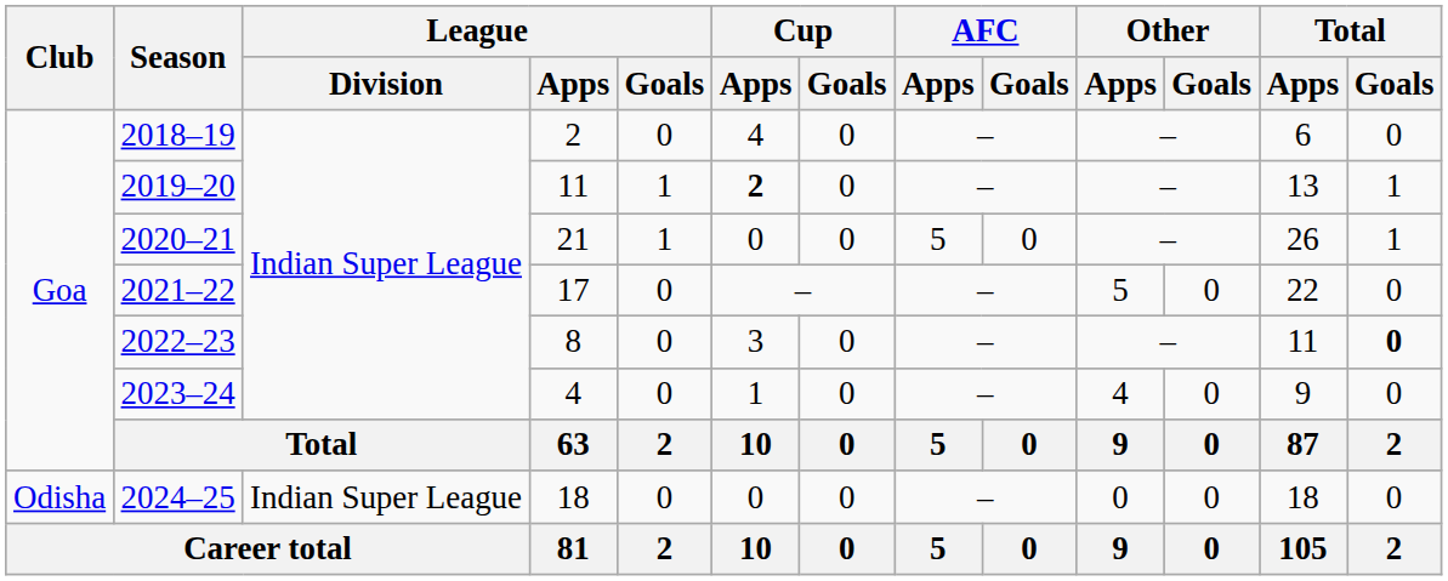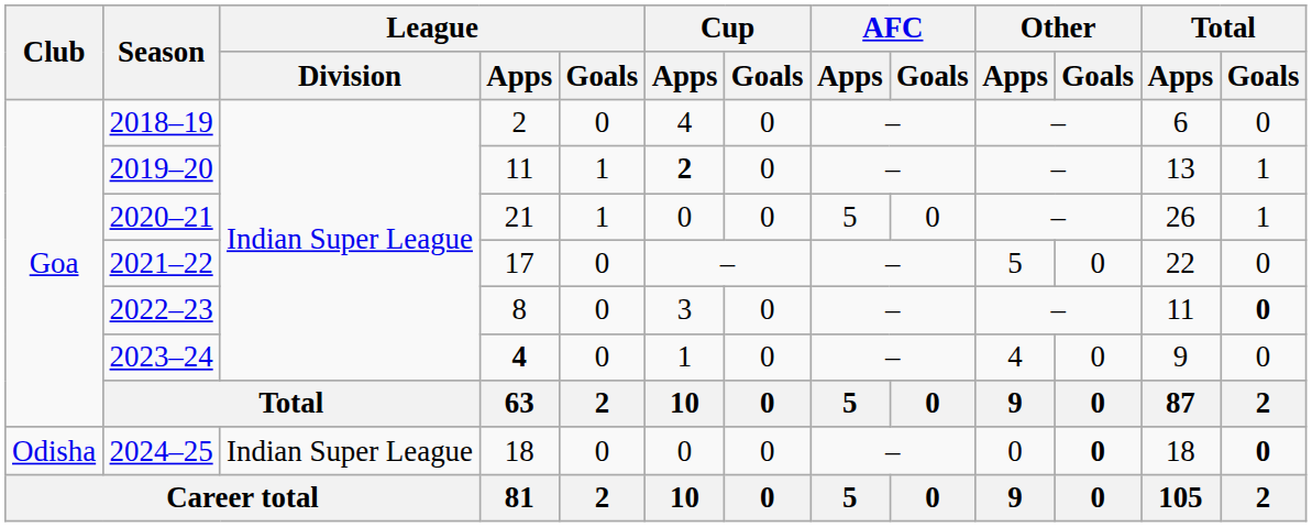 <table class=wikitable style=text-align:center>
 <tr>
 <th rowspan="2">Club</th>
 <th rowspan="2">Season</th>
 <th colspan="3">League</th>
 <th colspan="2">Cup</th>
 <th colspan="2"><a href='#'>AFC</a></th>
 <th colspan="2">Other</th>
 <th colspan="2">Total</th>
 </tr>
 <tr>
 <th>Division</th>
 <th>Apps</th>
 <th>Goals</th>
 <th>Apps</th>
 <th>Goals</th>
 <th>Apps</th>
 <th>Goals</th>
 <th>Apps</th>
 <th>Goals</th>
 <th>Apps</th>
 <th>Goals</th>
 </tr>
 <tr>
 <td rowspan="7"><a href='#'>Goa</a></td>
 <td><a href='#'>2018–19</a></td>
 <td rowspan="6"><a href='#'>Indian Super League</a></td>
 <td>2</td>
 <td>0</td>
 <td>4</td>
 <td>0</td>
 <td colspan="2">–</td>
 <td colspan="2">–</td>
 <td>6</td>
 <td>0</td>
 </tr>
 <tr>
 <td><a href='#'>2019–20</a></td>
 <td>11</td>
 <td>1</td>
 <td><strong>2</strong></td>
 <td>0</td>
 <td colspan="2">–</td>
 <td colspan="2">–</td>
 <td>13</td>
 <td>1</td>
 </tr>
 <tr>
 <td><a href='#'>2020–21</a></td>
 <td>21</td>
 <td>1</td>
 <td>0</td>
 <td>0</td>
 <td>5</td>
 <td>0</td>
 <td colspan="2">–</td>
 <td>26</td>
 <td>1</td>
 </tr>
 <tr>
 <td><a href='#'>2021–22</a></td>
 <td>17</td>
 <td>0</td>
 <td colspan="2">–</td>
 <td colspan="2">–</td>
 <td>5</td>
 <td>0</td>
 <td>22</td>
 <td>0</td>
 </tr>
 <tr>
 <td><a href='#'>2022–23</a></td>
 <td>8</td>
 <td>0</td>
 <td>3</td>
 <td>0</td>
 <td colspan="2">–</td>
 <td colspan="2">–</td>
 <td>11</td>
 <td><strong>0</strong></td>
 </tr>
 <tr>
 <td><a href='#'>2023–24</a></td>
-<td>4</td>
+<td><strong>4</strong></td>
 <td>0</td>
 <td>1</td>
 <td>0</td>
 <td colspan="2">–</td>
 <td>4</td>
 <td>0</td>
 <td>9</td>
 <td>0</td>
 </tr>
 <tr>
 <th colspan="2">Total</th>
 <th>63</th>
 <th>2</th>
 <th>10</th>
 <th>0</th>
 <th>5</th>
 <th>0</th>
 <th>9</th>
 <th>0</th>
 <th>87</th>
 <th>2</th>
 </tr>
 <tr>
 <td><a href='#'>Odisha</a></td>
 <td><a href='#'>2024–25</a></td>
 <td>Indian Super League</td>
 <td>18</td>
 <td>0</td>
 <td>0</td>
 <td>0</td>
 <td colspan="2">–</td>
 <td>0</td>
-<td>0</td>
+<td><strong>0</strong></td>
 <td>18</td>
-<td>0</td>
+<td><strong>0</strong></td>
 </tr>
 <tr>
 <th colspan="3">Career total</th>
 <th>81</th>
 <th>2</th>
 <th>10</th>
 <th>0</th>
 <th>5</th>
 <th>0</th>
 <th>9</th>
 <th>0</th>
 <th>105</th>
 <th>2</th>
 </tr>
 </table>
